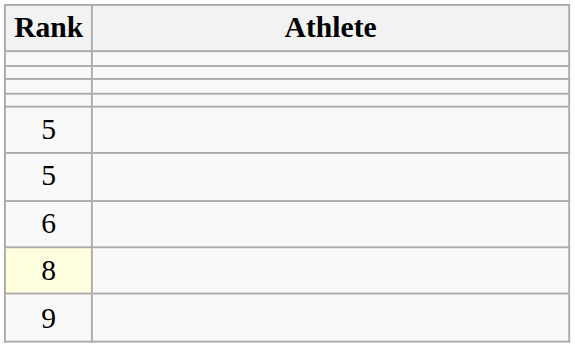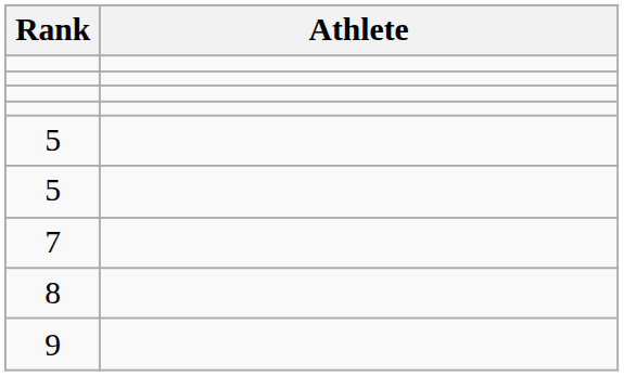 <table class="wikitable" style="text-align: center;">
 <tr>
 <th width=40>Rank</th>
 <th width=250>Athlete</th>
 </tr>
 <tr>
 <td></td>
 <td align="left"></td>
 </tr>
 <tr>
 <td></td>
 <td align="left"></td>
 </tr>
 <tr>
 <td></td>
 <td align="left"></td>
 </tr>
 <tr>
 <td></td>
 <td align="left"></td>
 </tr>
 <tr>
 <td>5</td>
 <td align="left"></td>
 </tr>
 <tr>
 <td>5</td>
 <td align="left"></td>
 </tr>
 <tr>
-<td>6</td>
+<td>7</td>
 <td align="left"></td>
 </tr>
 <tr>
-<td style="background: lightyellow;">8</td>
+<td>8</td>
 <td align="left"></td>
 </tr>
 <tr>
 <td>9</td>
 <td align="left"></td>
 </tr>
 </table>
